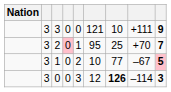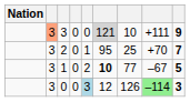 <table class="wikitable" style="text-align: center;">
 <tr>
 <th>Nation</th>
 <th></th>
 <th></th>
 <th></th>
 <th></th>
 <th></th>
 <th></th>
 <th></th>
 <th></th>
 </tr>
 <tr>
 <td align=left></td>
-<td>3</td>
+<td style="background: lightsalmon;">3</td>
 <td>3</td>
 <td>0</td>
 <td>0</td>
-<td>121</td>
+<td style="background: lightgrey;">121</td>
 <td>10</td>
 <td>+111</td>
 <td><strong>9</strong></td>
 </tr>
 <tr>
 <td align=left></td>
 <td>3</td>
 <td>2</td>
-<td style="background: pink;">0</td>
+<td>0</td>
 <td>1</td>
 <td>95</td>
 <td>25</td>
 <td>+70</td>
 <td><strong>7</strong></td>
 </tr>
 <tr>
 <td align=left></td>
 <td>3</td>
 <td>1</td>
 <td>0</td>
 <td>2</td>
-<td>10</td>
+<td><strong>10</strong></td>
 <td>77</td>
 <td>–67</td>
-<td style="background: pink;"><strong>5</strong></td>
+<td><strong>5</strong></td>
 </tr>
 <tr>
 <td align=left></td>
 <td>3</td>
 <td>0</td>
 <td>0</td>
-<td>3</td>
+<td style="background: lightblue;">3</td>
 <td>12</td>
-<td><strong>126</strong></td>
-<td>–114</td>
+<td>126</td>
+<td style="background: lightgreen;">–114</td>
 <td><strong>3</strong></td>
 </tr>
 </table>
